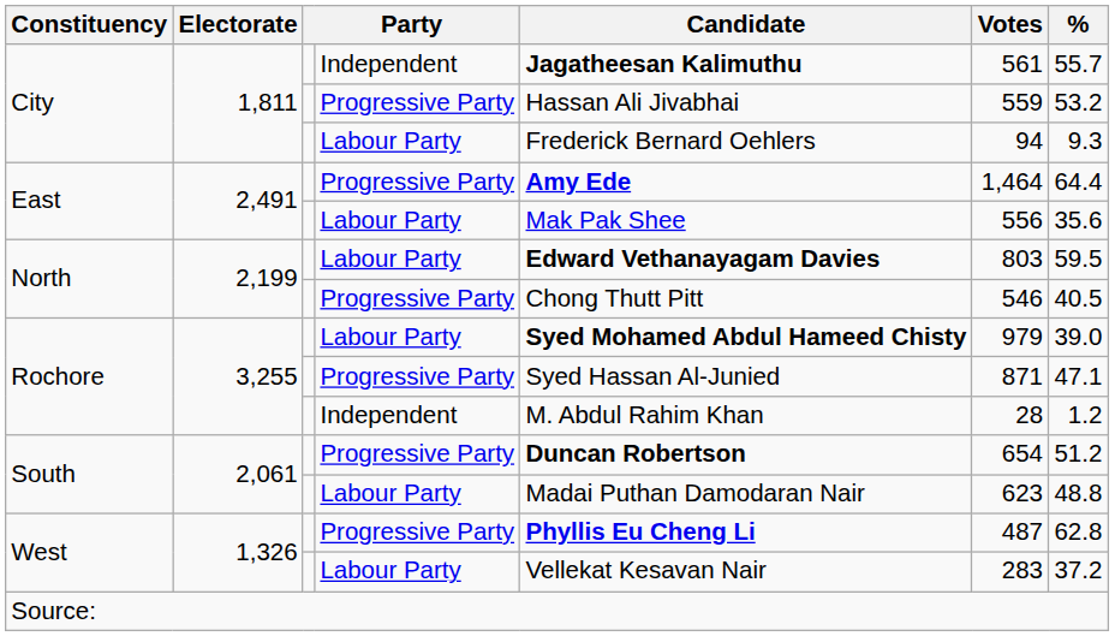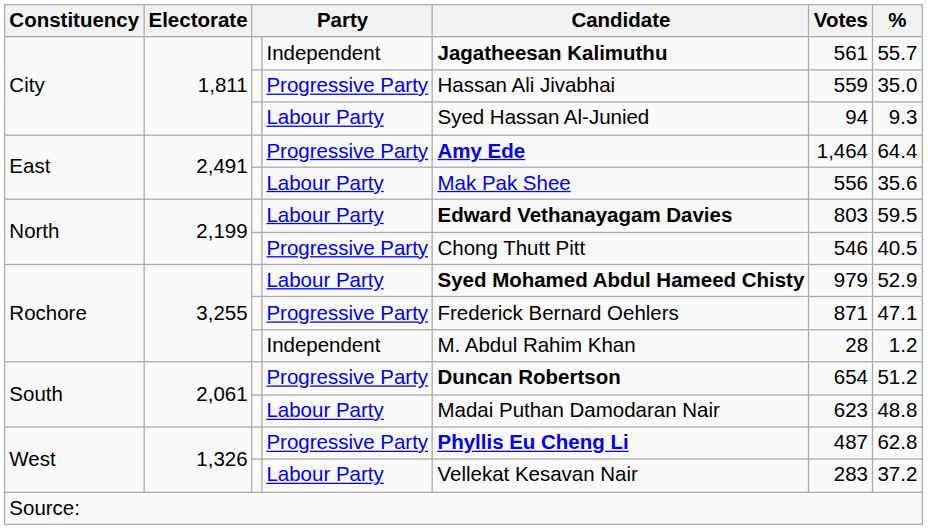 <table class="wikitable sortable">
 <tr>
 <th>Constituency</th>
 <th>Electorate</th>
 <th colspan="2">Party</th>
 <th>Candidate</th>
 <th>Votes</th>
 <th>%</th>
 </tr>
 <tr>
 <td rowspan="3">City</td>
 <td rowspan="3" align="right">1,811</td>
 <td style="color:inherit;background:"></td>
 <td>Independent</td>
 <td><strong>Jagatheesan Kalimuthu</strong></td>
 <td align="right">561</td>
 <td align=right>55.7</td>
 </tr>
 <tr>
 <td style="color:inherit;background:"></td>
 <td><a href='#'>Progressive Party</a></td>
 <td>Hassan Ali Jivabhai</td>
 <td align="right">559</td>
-<td align=right>53.2</td>
+<td align=right>35.0</td>
 </tr>
 <tr>
 <td style="color:inherit;background:"></td>
 <td><a href='#'>Labour Party</a></td>
-<td>Frederick Bernard Oehlers</td>
+<td>Syed Hassan Al-Junied</td>
 <td align="right">94</td>
 <td align=right>9.3</td>
 </tr>
 <tr>
 <td rowspan="2">East</td>
 <td rowspan="2" align="right">2,491</td>
 <td style="color:inherit;background:"></td>
 <td><a href='#'>Progressive Party</a></td>
 <td><strong><a href='#'>Amy Ede</a></strong></td>
 <td align="right">1,464</td>
 <td align=right>64.4</td>
 </tr>
 <tr>
 <td style="color:inherit;background:"></td>
 <td><a href='#'>Labour Party</a></td>
 <td><a href='#'>Mak Pak Shee</a></td>
 <td align="right">556</td>
 <td align=right>35.6</td>
 </tr>
 <tr>
 <td rowspan="2">North</td>
 <td rowspan="2" align="right">2,199</td>
 <td style="color:inherit;background:"></td>
 <td><a href='#'>Labour Party</a></td>
 <td><strong>Edward Vethanayagam Davies</strong></td>
 <td align="right">803</td>
 <td align=right>59.5</td>
 </tr>
 <tr>
 <td style="color:inherit;background:"></td>
 <td><a href='#'>Progressive Party</a></td>
 <td>Chong Thutt Pitt</td>
 <td align="right">546</td>
 <td align=right>40.5</td>
 </tr>
 <tr>
 <td rowspan="3">Rochore</td>
 <td rowspan="3" align="right">3,255</td>
 <td style="color:inherit;background:"></td>
 <td><a href='#'>Labour Party</a></td>
 <td><strong>Syed Mohamed Abdul Hameed Chisty</strong></td>
 <td align="right">979</td>
-<td align=right>39.0</td>
+<td align=right>52.9</td>
 </tr>
 <tr>
 <td style="color:inherit;background:"></td>
 <td><a href='#'>Progressive Party</a></td>
-<td>Syed Hassan Al-Junied</td>
+<td>Frederick Bernard Oehlers</td>
 <td align="right">871</td>
 <td align=right>47.1</td>
 </tr>
 <tr>
 <td style="color:inherit;background:"></td>
 <td>Independent</td>
 <td>M. Abdul Rahim Khan</td>
 <td align="right">28</td>
 <td align=right>1.2</td>
 </tr>
 <tr>
 <td rowspan="2">South</td>
 <td rowspan="2" align="right">2,061</td>
 <td style="color:inherit;background:"></td>
 <td><a href='#'>Progressive Party</a></td>
 <td><strong>Duncan Robertson</strong></td>
 <td align="right">654</td>
 <td align=right>51.2</td>
 </tr>
 <tr>
 <td style="color:inherit;background:"></td>
 <td><a href='#'>Labour Party</a></td>
 <td>Madai Puthan Damodaran Nair</td>
 <td align="right">623</td>
 <td align=right>48.8</td>
 </tr>
 <tr>
 <td rowspan="2">West</td>
 <td rowspan="2" align="right">1,326</td>
 <td style="color:inherit;background:"></td>
 <td><a href='#'>Progressive Party</a></td>
 <td><strong><a href='#'>Phyllis Eu Cheng Li</a></strong></td>
 <td align="right">487</td>
 <td align=right>62.8</td>
 </tr>
 <tr>
 <td style="color:inherit;background:"></td>
 <td><a href='#'>Labour Party</a></td>
 <td>Vellekat Kesavan Nair</td>
 <td align="right">283</td>
 <td align=right>37.2</td>
 </tr>
 <tr class="sortbottom">
 <td colspan="7">Source: </td>
 </tr>
 </table>
